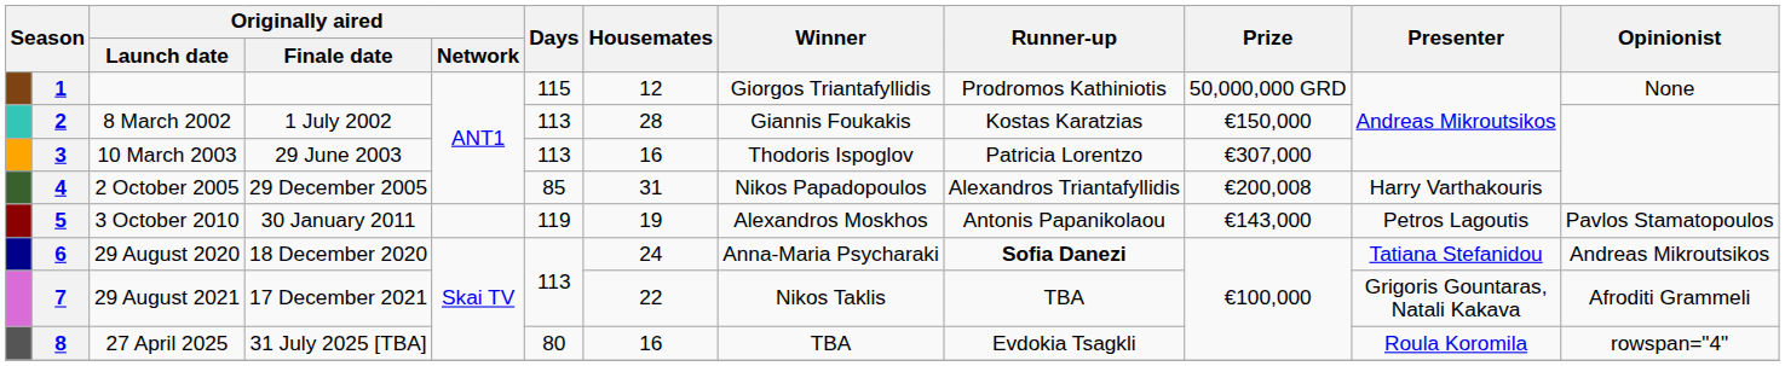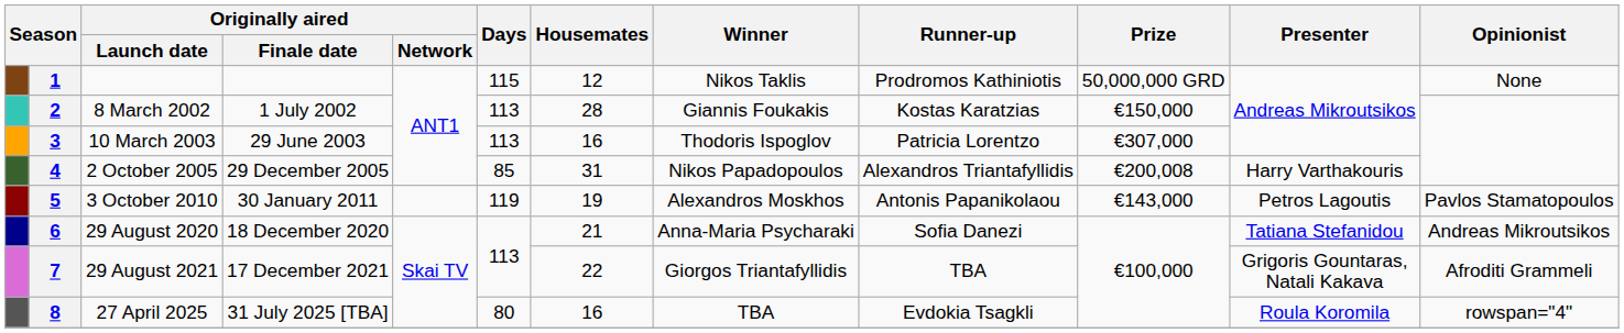 <table class="wikitable" style="text-align:center;">
 <tr>
 <th colspan="2" rowspan="2">Season</th>
 <th colspan="3">Originally aired</th>
 <th rowspan="2">Days</th>
 <th rowspan="2">Housemates</th>
 <th rowspan="2">Winner</th>
 <th rowspan="2">Runner-up</th>
 <th rowspan="2">Prize</th>
 <th rowspan="2">Presenter</th>
 <th rowspan="2">Opinionist</th>
 </tr>
 <tr>
 <th>Launch date</th>
 <th>Finale date</th>
 <th>Network</th>
 </tr>
 <tr>
 <td style="background:#7D4312"></td>
 <th><a href='#'>1</a></th>
 <td></td>
 <td></td>
 <td rowspan="4"><a href='#'>ANT1</a></td>
 <td>115</td>
 <td>12</td>
-<td>Giorgos Triantafyllidis</td>
+<td>Nikos Taklis</td>
 <td>Prodromos Kathiniotis</td>
 <td>50,000,000 GRD</td>
 <td rowspan="3"><a href='#'>Andreas Mikroutsikos</a></td>
 <td>None</td>
 </tr>
 <tr>
 <td style="background:#33C6B7"></td>
 <th><a href='#'>2</a></th>
 <td>8 March 2002</td>
 <td>1 July 2002</td>
 <td>113</td>
 <td>28</td>
 <td>Giannis Foukakis</td>
 <td>Kostas Karatzias</td>
 <td>€150,000</td>
 </tr>
 <tr>
 <td style="background:#FFA500"></td>
 <th><a href='#'>3</a></th>
 <td>10 March 2003</td>
 <td>29 June 2003</td>
 <td>113</td>
 <td>16</td>
 <td>Thodoris Ispoglov</td>
 <td>Patricia Lorentzo</td>
 <td>€307,000</td>
 </tr>
 <tr>
 <td style="background:#39612D"></td>
 <th><a href='#'>4</a></th>
 <td>2 October 2005</td>
 <td>29 December 2005</td>
 <td>85</td>
 <td>31</td>
 <td>Nikos Papadopoulos</td>
 <td>Alexandros Triantafyllidis</td>
 <td>€200,008</td>
 <td>Harry Varthakouris</td>
 </tr>
 <tr>
 <td style="background:#8B0000"></td>
 <th><a href='#'>5</a></th>
 <td>3 October 2010</td>
 <td>30 January 2011</td>
 <td></td>
 <td>119</td>
 <td>19</td>
 <td>Alexandros Moskhos</td>
 <td>Antonis Papanikolaou</td>
 <td>€143,000</td>
 <td>Petros Lagoutis</td>
 <td>Pavlos Stamatopoulos</td>
 </tr>
 <tr>
 <td style="background:#00008B"></td>
 <th><a href='#'>6</a></th>
 <td>29 August 2020</td>
 <td>18 December 2020</td>
 <td rowspan="3"><a href='#'>Skai TV</a></td>
 <td rowspan="2">113</td>
-<td>24</td>
+<td>21</td>
 <td>Anna-Maria Psycharaki</td>
-<td><strong>Sofia Danezi</strong></td>
+<td>Sofia Danezi</td>
 <td rowspan="3">€100,000</td>
 <td><a href='#'>Tatiana Stefanidou</a></td>
 <td>Andreas Mikroutsikos</td>
 </tr>
 <tr>
 <td style="background:#DA6CD8"></td>
 <th><a href='#'>7</a></th>
 <td>29 August 2021</td>
 <td>17 December 2021</td>
 <td>22</td>
-<td>Nikos Taklis</td>
+<td>Giorgos Triantafyllidis</td>
 <td>TBA</td>
 <td>Grigoris Gountaras,<br>Natali Kakava</td>
 <td>Afroditi Grammeli</td>
 </tr>
 <tr>
 <td style="background:#555555"></td>
 <th><a href='#'>8</a></th>
 <td>27 April 2025</td>
 <td>31 July 2025 [TBA]</td>
 <td>80</td>
 <td>16</td>
 <td>TBA</td>
 <td>Evdokia Tsagkli</td>
 <td><a href='#'>Roula Koromila</a></td>
 <td>rowspan="4" </td>
 </tr>
 <tr>
 </tr>
 </table>
